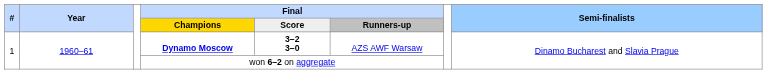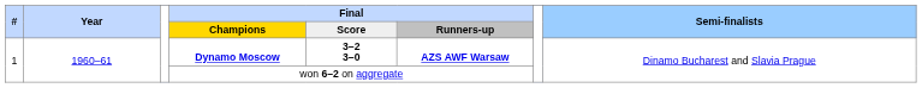 <table border=1 style="border-collapse:collapse; font-size:90%; text-align:center;" cellpadding=3 cellspacing=0 width=100%>
 <tr bgcolor=#C1D8FF>
 <th rowspan=2 width=2%>#</th>
 <th colspan="2" rowspan="2" width="15%">Year</th>
 <th width=1% rowspan=4 bgcolor=ffffff></th>
 <th colspan=3>Final</th>
 <th width=1% rowspan=4 bgcolor=ffffff></th>
 <th colspan="3" rowspan="2" bgcolor="9acdff">Semi-finalists</th>
 </tr>
 <tr bgcolor=#EFEFEF>
 <th width=15% bgcolor=gold>Champions</th>
 <th width=10%>Score</th>
 <th width=15% bgcolor=silver>Runners-up</th>
 </tr>
 <tr style="background:#FFFFFF;">
 <td rowspan="2">1</td>
 <td colspan="2" rowspan="2"><a href='#'>1960–61</a></td>
 <td><strong> <br> <a href='#'>Dynamo Moscow</a></strong></td>
 <td><strong>3–2</strong><br><strong>3–0</strong></td>
-<td> <br> <a href='#'>AZS AWF Warsaw</a></td>
+<td><strong> <br> <a href='#'>AZS AWF Warsaw</a></strong></td>
 <td colspan="3" rowspan="2"> <a href='#'>Dinamo Bucharest</a> and  <a href='#'>Slavia Prague</a></td>
 </tr>
 <tr style="background:#FFFFFF;">
 <td colspan=3>won <strong>6–2</strong> on <a href='#'>aggregate</a></td>
 </tr>
 </table>
